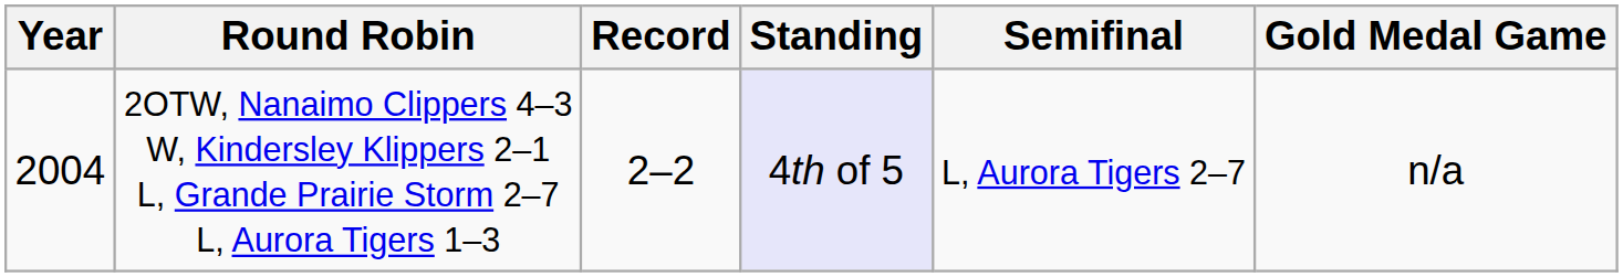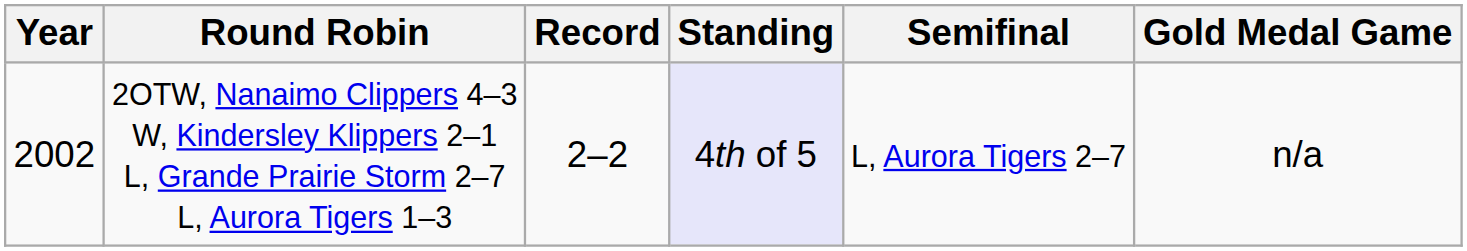 <table class="wikitable" style="text-align:center;">
 <tr>
 <th>Year</th>
 <th>Round Robin</th>
 <th>Record</th>
 <th>Standing</th>
 <th>Semifinal</th>
 <th>Gold Medal Game</th>
 </tr>
 <tr>
-<td>2004</td>
+<td>2002</td>
 <td><small>2OTW, <a href='#'>Nanaimo Clippers</a> 4–3<br>W, <a href='#'>Kindersley Klippers</a> 2–1<br>L, <a href='#'>Grande Prairie Storm</a> 2–7<br>L, <a href='#'>Aurora Tigers</a> 1–3</small></td>
 <td>2–2</td>
 <td style="background: lavender;">4<em>th</em> of 5</td>
 <td><small>L, <a href='#'>Aurora Tigers</a> 2–7</small></td>
 <td>n/a</td>
 </tr>
 </table>
